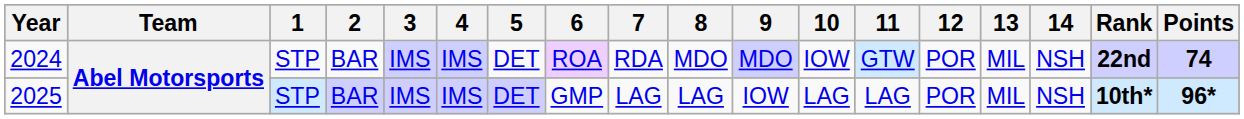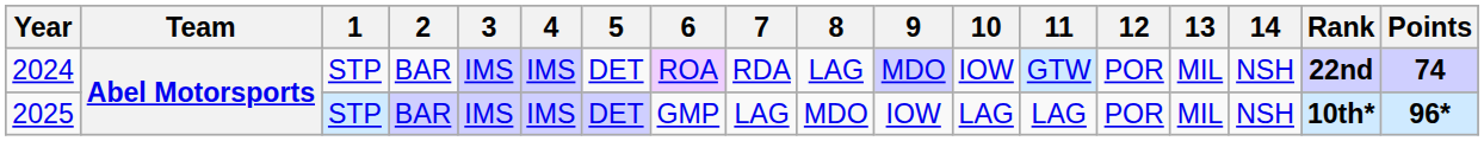 <table class="wikitable" style="text-align:center; font-size:85%">
 <tr>
 <th>Year</th>
 <th>Team</th>
 <th>1</th>
 <th>2</th>
 <th>3</th>
 <th>4</th>
 <th>5</th>
 <th>6</th>
 <th>7</th>
 <th>8</th>
 <th>9</th>
 <th>10</th>
 <th>11</th>
 <th>12</th>
 <th>13</th>
 <th>14</th>
 <th>Rank</th>
 <th>Points</th>
 </tr>
 <tr>
 <td><a href='#'>2024</a></td>
 <th rowspan=2><a href='#'>Abel Motorsports</a></th>
 <td style="background:#;"><a href='#'>STP</a><br></td>
 <td style="background:#;"><a href='#'>BAR</a><br></td>
 <td style="background:#CFCFFF;"><a href='#'>IMS</a><br></td>
 <td style="background:#CFCFFF;"><a href='#'>IMS</a><br></td>
 <td style="background:#;"><a href='#'>DET</a><br></td>
 <td style="background:#EFCFFF;"><a href='#'>ROA</a><br></td>
 <td style="background:#;"><a href='#'>RDA</a></td>
-<td style="background:#;"><a href='#'>MDO</a></td>
+<td style="background:#;"><a href='#'>LAG</a><br></td>
 <td style="background:#CFCFFF;"><a href='#'>MDO</a><br></td>
 <td style="background:#;"><a href='#'>IOW</a><br></td>
 <td style="background:#CFEAFF;"><a href='#'>GTW</a><br></td>
 <td style="background:#;"><a href='#'>POR</a><br></td>
 <td style="background:#;"><a href='#'>MIL</a><br></td>
 <td style="background:#;"><a href='#'>NSH</a><br></td>
 <th style="background:#CFCFFF;">22nd</th>
 <th style="background:#CFCFFF;">74</th>
 </tr>
 <tr>
 <td><a href='#'>2025</a></td>
 <td style="background:#CFEAFF;"><a href='#'>STP</a><br></td>
 <td style="background:#CFCFFF;"><a href='#'>BAR</a><br></td>
 <td style="background:#CFCFFF;"><a href='#'>IMS</a><br></td>
 <td style="background:#CFCFFF;"><a href='#'>IMS</a><br></td>
 <td style="background:#CFCFFF;"><a href='#'>DET</a><br></td>
 <td style="background:#;"><a href='#'>GMP</a></td>
 <td style="background:#;"><a href='#'>LAG</a><br></td>
-<td style="background:#;"><a href='#'>LAG</a><br></td>
+<td style="background:#;"><a href='#'>MDO</a></td>
 <td style="background:#;"><a href='#'>IOW</a></td>
 <td style="background:#;"><a href='#'>LAG</a></td>
 <td style="background:#;"><a href='#'>LAG</a></td>
 <td style="background:#;"><a href='#'>POR</a></td>
 <td style="background:#;"><a href='#'>MIL</a></td>
 <td style="background:#;"><a href='#'>NSH</a></td>
 <th style="background:#CFEAFF;">10th*</th>
 <th style="background:#CFEAFF;">96*</th>
 </tr>
 </table>
